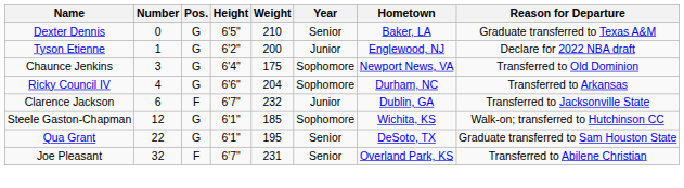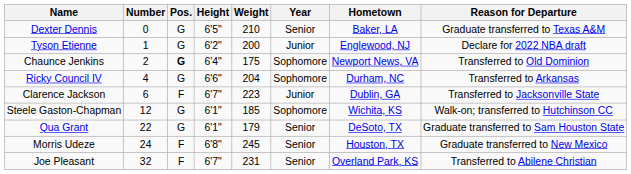 <table class="wikitable sortable" border="1" style="text-align:center;">
 <tr align=center>
 <th>Name</th>
 <th>Number</th>
 <th>Pos.</th>
 <th>Height</th>
 <th>Weight</th>
 <th>Year</th>
 <th>Hometown</th>
 <th>Reason for Departure</th>
 </tr>
 <tr>
 <td><a href='#'>Dexter Dennis</a></td>
 <td>0</td>
 <td>G</td>
 <td>6'5"</td>
 <td>210</td>
 <td>Senior</td>
 <td><a href='#'>Baker, LA</a></td>
 <td>Graduate transferred to <a href='#'>Texas A&M</a></td>
 </tr>
 <tr>
 <td><a href='#'>Tyson Etienne</a></td>
 <td>1</td>
 <td>G</td>
 <td>6'2"</td>
 <td>200</td>
 <td>Junior</td>
 <td><a href='#'>Englewood, NJ</a></td>
 <td>Declare for <a href='#'>2022 NBA draft</a></td>
 </tr>
 <tr>
 <td>Chaunce Jenkins</td>
-<td>3</td>
-<td>G</td>
+<td>2</td>
+<td><strong>G</strong></td>
 <td>6'4"</td>
 <td>175</td>
 <td>Sophomore</td>
 <td><a href='#'>Newport News, VA</a></td>
 <td>Transferred to <a href='#'>Old Dominion</a></td>
 </tr>
 <tr>
 <td><a href='#'>Ricky Council IV</a></td>
 <td>4</td>
 <td>G</td>
 <td>6'6"</td>
 <td>204</td>
 <td>Sophomore</td>
 <td><a href='#'>Durham, NC</a></td>
 <td>Transferred to <a href='#'>Arkansas</a></td>
 </tr>
 <tr>
 <td>Clarence Jackson</td>
 <td>6</td>
 <td>F</td>
 <td>6'7"</td>
-<td>232</td>
+<td>223</td>
 <td>Junior</td>
 <td><a href='#'>Dublin, GA</a></td>
 <td>Transferred to <a href='#'>Jacksonville State</a></td>
 </tr>
 <tr>
 <td>Steele Gaston-Chapman</td>
 <td>12</td>
 <td>G</td>
 <td>6'1"</td>
 <td>185</td>
 <td>Sophomore</td>
 <td><a href='#'>Wichita, KS</a></td>
 <td>Walk-on; transferred to <a href='#'>Hutchinson CC</a></td>
 </tr>
 <tr>
 <td><a href='#'>Qua Grant</a></td>
 <td>22</td>
 <td>G</td>
 <td>6'1"</td>
-<td>195</td>
+<td>179</td>
 <td>Senior</td>
 <td><a href='#'>DeSoto, TX</a></td>
 <td>Graduate transferred to <a href='#'>Sam Houston State</a></td>
+</tr>
+<tr>
+<td>Morris Udeze</td>
+<td>24</td>
+<td>F</td>
+<td>6'8"</td>
+<td>245</td>
+<td>Senior</td>
+<td><a href='#'>Houston, TX</a></td>
+<td>Graduate transferred to <a href='#'>New Mexico</a></td>
 </tr>
 <tr>
 <td>Joe Pleasant</td>
 <td>32</td>
 <td>F</td>
 <td>6'7"</td>
 <td>231</td>
 <td>Senior</td>
 <td><a href='#'>Overland Park, KS</a></td>
 <td>Transferred to <a href='#'>Abilene Christian</a></td>
 </tr>
 </table>
